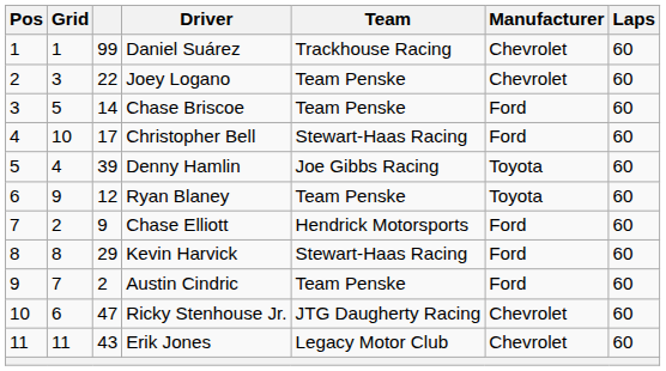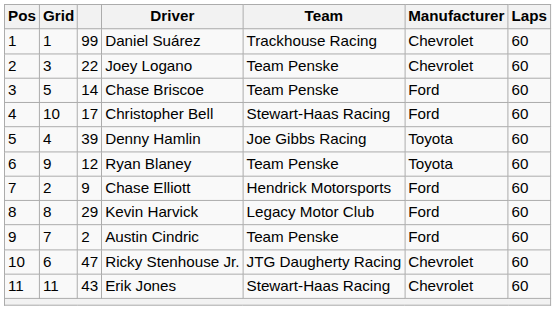 <table class="wikitable" style="font-size:98%">
 <tr>
 <th>Pos</th>
 <th>Grid</th>
 <th></th>
 <th>Driver</th>
 <th>Team</th>
 <th>Manufacturer</th>
 <th>Laps</th>
 </tr>
 <tr>
 <td>1</td>
 <td>1</td>
 <td>99</td>
 <td>Daniel Suárez</td>
 <td>Trackhouse Racing</td>
 <td>Chevrolet</td>
 <td>60</td>
 </tr>
 <tr>
 <td>2</td>
 <td>3</td>
 <td>22</td>
 <td>Joey Logano</td>
 <td>Team Penske</td>
 <td>Chevrolet</td>
 <td>60</td>
 </tr>
 <tr>
 <td>3</td>
 <td>5</td>
 <td>14</td>
 <td>Chase Briscoe</td>
 <td>Team Penske</td>
 <td>Ford</td>
 <td>60</td>
 </tr>
 <tr>
 <td>4</td>
 <td>10</td>
 <td>17</td>
 <td>Christopher Bell</td>
 <td>Stewart-Haas Racing</td>
 <td>Ford</td>
 <td>60</td>
 </tr>
 <tr>
 <td>5</td>
 <td>4</td>
 <td>39</td>
 <td>Denny Hamlin</td>
 <td>Joe Gibbs Racing</td>
 <td>Toyota</td>
 <td>60</td>
 </tr>
 <tr>
 <td>6</td>
 <td>9</td>
 <td>12</td>
 <td>Ryan Blaney</td>
 <td>Team Penske</td>
 <td>Toyota</td>
 <td>60</td>
 </tr>
 <tr>
 <td>7</td>
 <td>2</td>
 <td>9</td>
 <td>Chase Elliott</td>
 <td>Hendrick Motorsports</td>
 <td>Ford</td>
 <td>60</td>
 </tr>
 <tr>
 <td>8</td>
 <td>8</td>
 <td>29</td>
 <td>Kevin Harvick</td>
-<td>Stewart-Haas Racing</td>
+<td>Legacy Motor Club</td>
 <td>Ford</td>
 <td>60</td>
 </tr>
 <tr>
 <td>9</td>
 <td>7</td>
 <td>2</td>
 <td>Austin Cindric</td>
 <td>Team Penske</td>
 <td>Ford</td>
 <td>60</td>
 </tr>
 <tr>
 <td>10</td>
 <td>6</td>
 <td>47</td>
 <td>Ricky Stenhouse Jr.</td>
 <td>JTG Daugherty Racing</td>
 <td>Chevrolet</td>
 <td>60</td>
 </tr>
 <tr>
 <td>11</td>
 <td>11</td>
 <td>43</td>
 <td>Erik Jones</td>
-<td>Legacy Motor Club</td>
+<td>Stewart-Haas Racing</td>
 <td>Chevrolet</td>
 <td>60</td>
 </tr>
 <tr>
 <th colspan="7"></th>
 </tr>
 </table>
